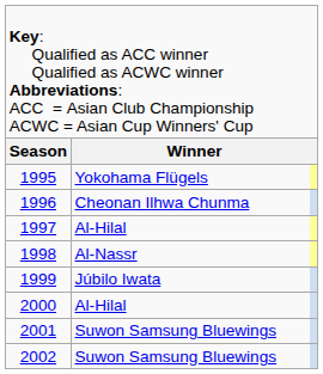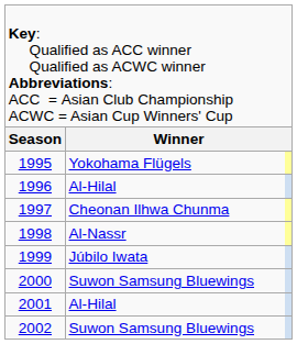 <table class="wikitable floatright" style="text-align:left; margin-top:15px; font-size:85%">
 <tr>
 <td colspan=3 align="left"><br><div><strong>Key</strong>:<br><span>    </span> Qualified as ACC winner<br> <span>    </span> Qualified as ACWC winner<br></div> <div><strong>Abbreviations</strong>:<br>ACC  = Asian Club Championship<br> ACWC = Asian Cup Winners' Cup</div></td>
 </tr>
 <tr>
 <th>Season</th>
 <th colspan=2 style="width:200px">Winner<br></th>
 </tr>
 <tr>
 <td style="text-align:center"><a href='#'>1995</a></td>
 <td style="border-right-style:hidden"> <a href='#'>Yokohama Flügels</a></td>
 <td style="background-color:#FFFF99; width=2px"></td>
 </tr>
 <tr>
 <td style="text-align:center"><a href='#'>1996</a></td>
-<td style="border-right-style:hidden"> <a href='#'>Cheonan Ilhwa Chunma</a></td>
+<td style="border-right-style:hidden"> <a href='#'>Al-Hilal</a></td>
 <td style="background-color:#cedff2; width=2px"></td>
 </tr>
 <tr>
 <td style="text-align:center"><a href='#'>1997</a></td>
-<td style="border-right-style:hidden"> <a href='#'>Al-Hilal</a></td>
+<td style="border-right-style:hidden"> <a href='#'>Cheonan Ilhwa Chunma</a></td>
 <td style="background-color:#FFFF99; width=2px"></td>
 </tr>
 <tr>
 <td style="text-align:center"><a href='#'>1998</a></td>
 <td style="border-right-style:hidden"> <a href='#'>Al-Nassr</a></td>
 <td style="background-color:#FFFF99; width=2px"></td>
 </tr>
 <tr>
 <td style="text-align:center"><a href='#'>1999</a></td>
 <td style="border-right-style:hidden"> <a href='#'>Júbilo Iwata</a></td>
 <td style="background-color:#cedff2; width=2px"></td>
 </tr>
 <tr>
 <td style="text-align:center"><a href='#'>2000</a></td>
-<td style="border-right-style:hidden"> <a href='#'>Al-Hilal</a></td>
+<td style="border-right-style:hidden"> <a href='#'>Suwon Samsung Bluewings</a></td>
 <td style="background-color:#cedff2; width=2px"></td>
 </tr>
 <tr>
 <td style="text-align:center"><a href='#'>2001</a></td>
-<td style="border-right-style:hidden"> <a href='#'>Suwon Samsung Bluewings</a></td>
+<td style="border-right-style:hidden"> <a href='#'>Al-Hilal</a></td>
 <td style="background-color:#cedff2; width=2px"></td>
 </tr>
 <tr>
 <td style="text-align:center"><a href='#'>2002</a></td>
 <td style="border-right-style:hidden"> <a href='#'>Suwon Samsung Bluewings</a></td>
 <td style="background-color:#cedff2; width=2px"></td>
 </tr>
 <tr>
 </tr>
 </table>
